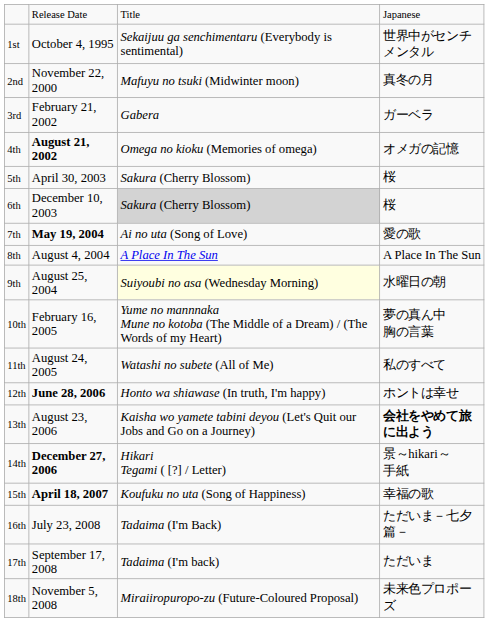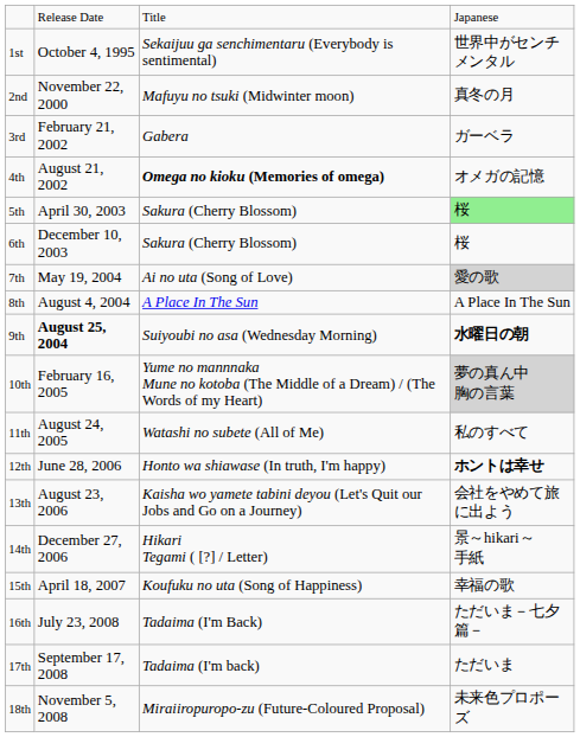 <table class="wikitable">
 <tr>
 <td> </td>
 <td><small>Release Date</small></td>
 <td><small>Title</small></td>
 <td><small>Japanese</small></td>
 </tr>
 <tr>
 <td><small>1st</small></td>
 <td>October 4, 1995</td>
 <td><em>Sekaijuu ga senchimentaru</em> (Everybody is sentimental)</td>
 <td>世界中がセンチメンタル</td>
 </tr>
 <tr>
 <td><small>2nd</small></td>
 <td>November 22, 2000</td>
 <td><em>Mafuyu no tsuki</em> (Midwinter moon)</td>
 <td>真冬の月</td>
 </tr>
 <tr>
 <td><small>3rd</small></td>
 <td>February 21, 2002</td>
 <td><em>Gabera</em></td>
 <td>ガーベラ</td>
 </tr>
 <tr>
 <td><small>4th</small></td>
-<td><strong>August 21, 2002</strong></td>
-<td><em>Omega no kioku</em> (Memories of omega)</td>
+<td>August 21, 2002</td>
+<td><strong><em>Omega no kioku</em> (Memories of omega)</strong></td>
 <td>オメガの記憶</td>
 </tr>
 <tr>
 <td><small>5th</small></td>
 <td>April 30, 2003</td>
 <td><em>Sakura</em> (Cherry Blossom)</td>
-<td>桜</td>
+<td style="background: lightgreen;">桜</td>
 </tr>
 <tr>
 <td><small>6th</small></td>
 <td>December 10, 2003</td>
-<td style="background: lightgrey;"><em>Sakura</em> (Cherry Blossom)</td>
+<td><em>Sakura</em> (Cherry Blossom)</td>
 <td>桜</td>
 </tr>
 <tr>
 <td><small>7th</small></td>
-<td><strong>May 19, 2004</strong></td>
+<td>May 19, 2004</td>
 <td><em>Ai no uta</em> (Song of Love)</td>
-<td>愛の歌</td>
+<td style="background: lightgrey;">愛の歌</td>
 </tr>
 <tr>
 <td><small>8th</small></td>
 <td>August 4, 2004</td>
 <td><em><a href='#'>A Place In The Sun</a></em></td>
 <td>A Place In The Sun</td>
 </tr>
 <tr>
 <td><small>9th</small></td>
-<td>August 25, 2004</td>
-<td style="background: lightyellow;"><em>Suiyoubi no asa</em> (Wednesday Morning)</td>
-<td>水曜日の朝</td>
+<td><strong>August 25, 2004</strong></td>
+<td><em>Suiyoubi no asa</em> (Wednesday Morning)</td>
+<td><strong>水曜日の朝</strong></td>
 </tr>
 <tr>
 <td><small>10th</small></td>
 <td>February 16, 2005</td>
 <td><em>Yume no mannnaka</em><br><em>Mune no kotoba</em> (The Middle of a Dream) / (The Words of my Heart)</td>
-<td>夢の真ん中<br>胸の言葉</td>
+<td style="background: lightgrey;">夢の真ん中<br>胸の言葉</td>
 </tr>
 <tr>
 <td><small>11th</small></td>
 <td>August 24, 2005</td>
 <td><em>Watashi no subete</em> (All of Me)</td>
 <td>私のすべて</td>
 </tr>
 <tr>
 <td><small>12th</small></td>
-<td><strong>June 28, 2006</strong></td>
+<td>June 28, 2006</td>
 <td><em>Honto wa shiawase</em> (In truth, I'm happy)</td>
-<td>ホントは幸せ</td>
+<td><strong>ホントは幸せ</strong></td>
 </tr>
 <tr>
 <td><small>13th</small></td>
 <td>August 23, 2006</td>
 <td><em>Kaisha wo yamete tabini deyou</em> (Let's Quit our Jobs and Go on a Journey)</td>
-<td><strong>会社をやめて旅に出よう</strong></td>
+<td>会社をやめて旅に出よう</td>
 </tr>
 <tr>
 <td><small>14th</small></td>
-<td><strong>December 27, 2006</strong></td>
+<td>December 27, 2006</td>
 <td><em>Hikari</em><br><em>Tegami</em> ( [?] / Letter)</td>
 <td>景～hikari～<br>手紙</td>
 </tr>
 <tr>
 <td><small>15th</small></td>
-<td><strong>April 18, 2007</strong></td>
+<td>April 18, 2007</td>
 <td><em>Koufuku no uta</em> (Song of Happiness)</td>
 <td>幸福の歌</td>
 </tr>
 <tr>
 <td><small>16th</small></td>
 <td>July 23, 2008</td>
 <td><em>Tadaima</em> (I'm Back)</td>
 <td>ただいま－七夕篇－</td>
 </tr>
 <tr>
 <td><small>17th</small></td>
 <td>September 17, 2008</td>
 <td><em>Tadaima</em> (I'm back)</td>
 <td>ただいま</td>
 </tr>
 <tr>
 <td><small>18th</small></td>
 <td>November 5, 2008</td>
 <td><em>Miraiiropuropo-zu</em> (Future-Coloured Proposal)</td>
 <td>未来色プロポーズ</td>
 </tr>
 </table>
